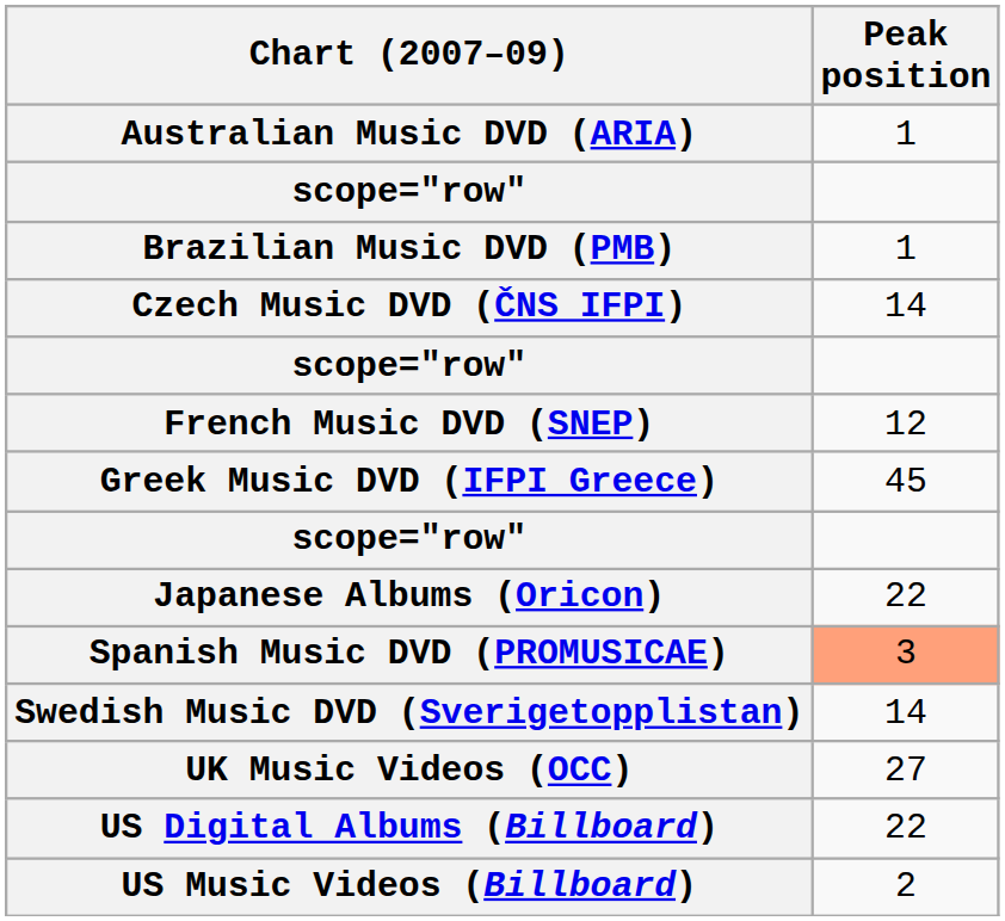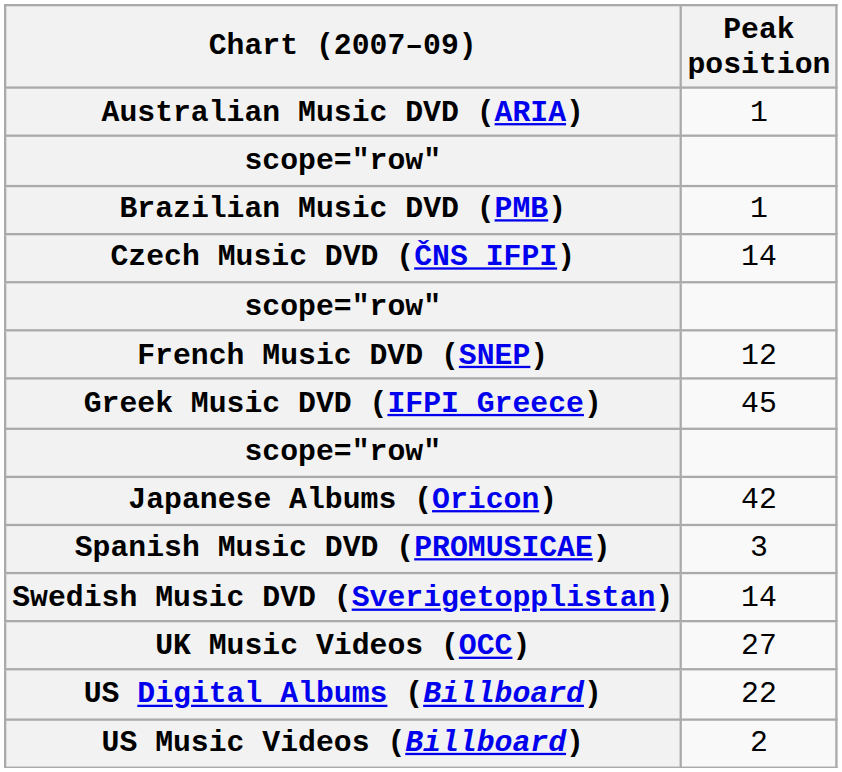 <table class="wikitable sortable plainrowheaders" style="text-align:center;">
 <tr>
 <th scope="col">Chart (2007–09)</th>
 <th scope="col">Peak<br>position</th>
 </tr>
 <tr>
 <th scope="row">Australian Music DVD (<a href='#'>ARIA</a>)</th>
 <td>1</td>
 </tr>
 <tr>
 <th>scope="row"</th>
 </tr>
 <tr>
 <th scope="row">Brazilian Music DVD (<a href='#'>PMB</a>)</th>
 <td>1</td>
 </tr>
 <tr>
 <th scope="row">Czech Music DVD (<a href='#'>ČNS IFPI</a>)</th>
 <td>14</td>
 </tr>
 <tr>
 <th>scope="row"</th>
 </tr>
 <tr>
 <th scope="row">French Music DVD (<a href='#'>SNEP</a>)</th>
 <td>12</td>
 </tr>
 <tr>
 <th scope="row">Greek Music DVD (<a href='#'>IFPI Greece</a>)</th>
 <td>45</td>
 </tr>
 <tr>
 <th>scope="row"</th>
 </tr>
 <tr>
 <th scope="row">Japanese Albums (<a href='#'>Oricon</a>)</th>
-<td>22</td>
+<td>42</td>
 </tr>
 <tr>
 <th scope="row">Spanish Music DVD (<a href='#'>PROMUSICAE</a>)</th>
-<td style="background: lightsalmon;">3</td>
+<td>3</td>
 </tr>
 <tr>
 <th scope="row">Swedish Music DVD (<a href='#'>Sverigetopplistan</a>)</th>
 <td>14</td>
 </tr>
 <tr>
 <th scope="row">UK Music Videos (<a href='#'>OCC</a>)</th>
 <td style="text-align:center;">27</td>
 </tr>
 <tr>
 <th scope="row">US <a href='#'>Digital Albums</a> (<em><a href='#'>Billboard</a></em>)</th>
 <td>22</td>
 </tr>
 <tr>
 <th scope="row">US Music Videos (<em><a href='#'>Billboard</a></em>)</th>
 <td>2</td>
 </tr>
 </table>
